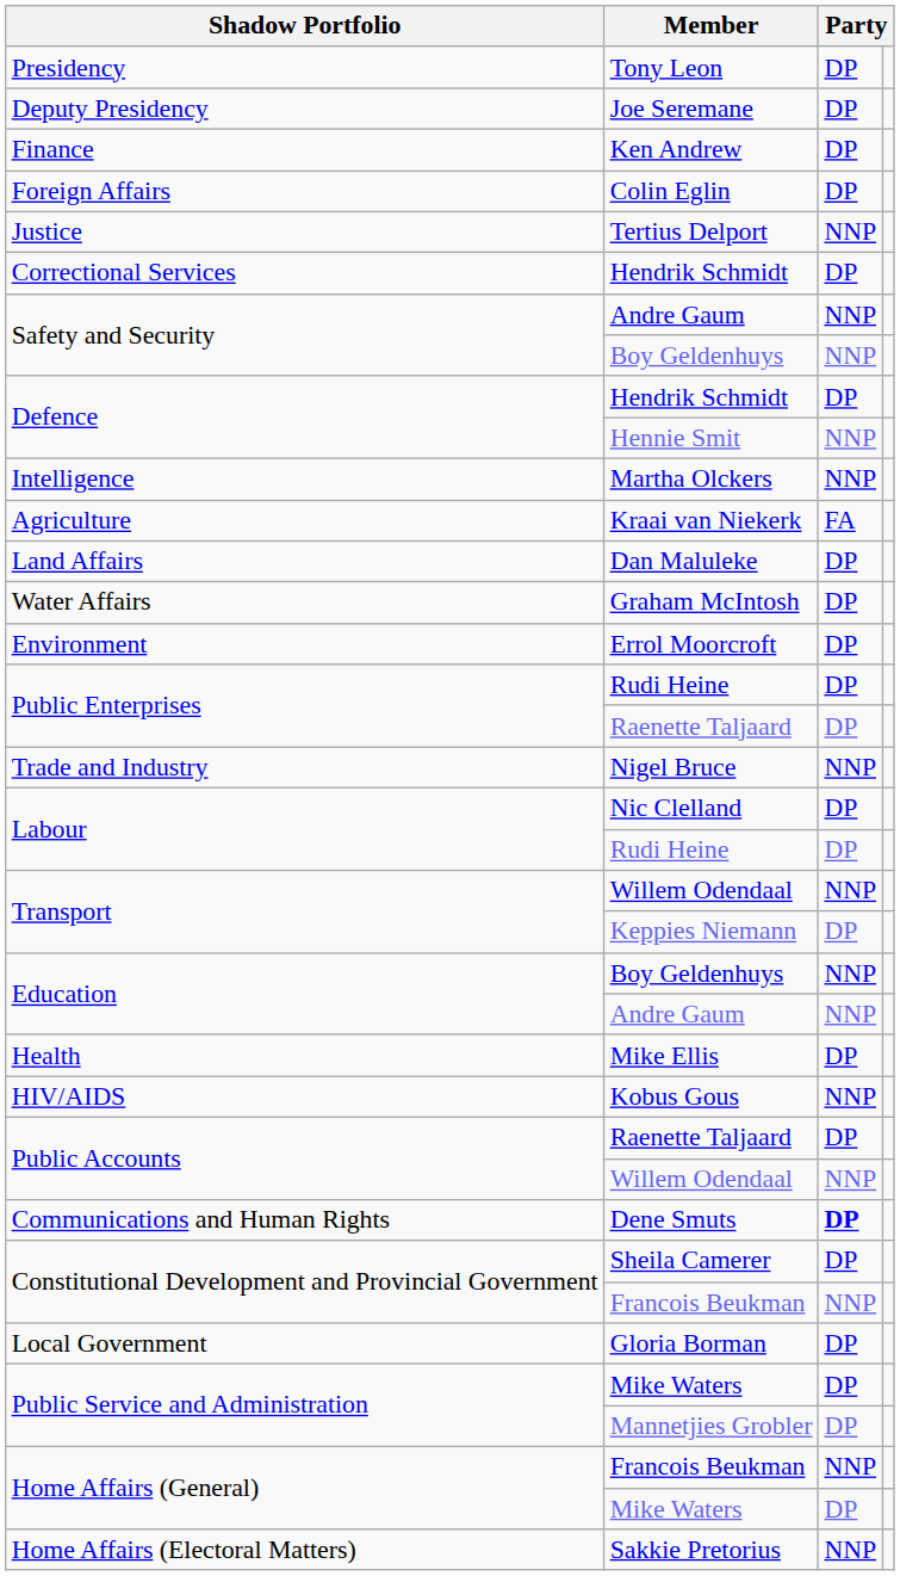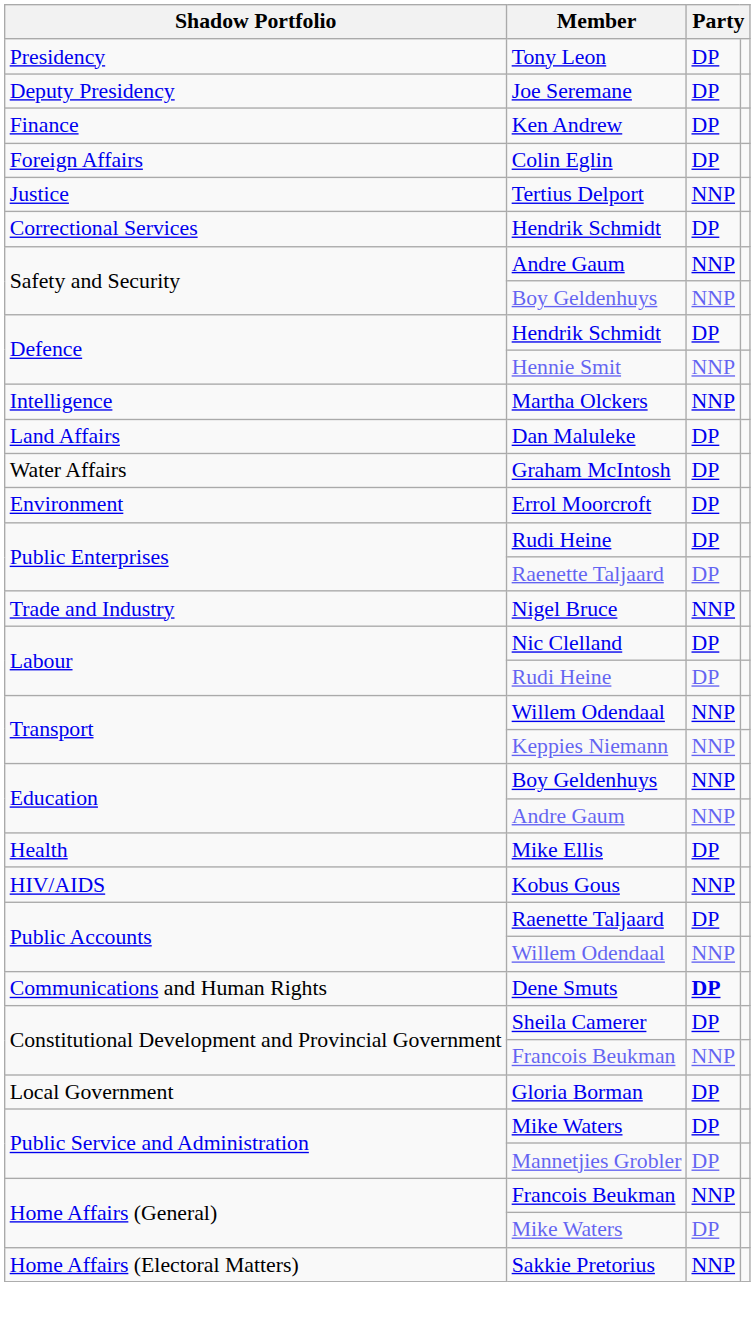 <table class="wikitable">
 <tr>
 <th>Shadow Portfolio</th>
 <th>Member</th>
 <th colspan="2">Party</th>
 </tr>
 <tr>
 <td><a href='#'>Presidency</a></td>
 <td><a href='#'>Tony Leon</a></td>
 <td><a href='#'>DP</a></td>
 <td></td>
 </tr>
 <tr>
 <td><a href='#'>Deputy Presidency</a></td>
 <td><a href='#'>Joe Seremane</a></td>
 <td><a href='#'>DP</a></td>
 <td></td>
 </tr>
 <tr>
 <td><a href='#'>Finance</a></td>
 <td><a href='#'>Ken Andrew</a></td>
 <td><a href='#'>DP</a></td>
 <td></td>
 </tr>
 <tr>
 <td><a href='#'>Foreign Affairs</a></td>
 <td><a href='#'>Colin Eglin</a></td>
 <td><a href='#'>DP</a></td>
 <td></td>
 </tr>
 <tr>
 <td><a href='#'>Justice</a></td>
 <td><a href='#'>Tertius Delport</a></td>
 <td><a href='#'>NNP</a></td>
 <td></td>
 </tr>
 <tr>
 <td><a href='#'>Correctional Services</a></td>
 <td><a href='#'>Hendrik Schmidt</a></td>
 <td><a href='#'>DP</a></td>
 <td></td>
 </tr>
 <tr>
 <td rowspan="2">Safety and Security</td>
 <td><a href='#'>Andre Gaum</a></td>
 <td><a href='#'>NNP</a></td>
 <td></td>
 </tr>
 <tr style="opacity:.6;">
 <td><a href='#'>Boy Geldenhuys</a></td>
 <td><a href='#'>NNP</a></td>
 <td></td>
 </tr>
 <tr>
 <td rowspan="2"><a href='#'>Defence</a></td>
 <td><a href='#'>Hendrik Schmidt</a></td>
 <td><a href='#'>DP</a></td>
 <td></td>
 </tr>
 <tr style="opacity:.6;">
 <td><a href='#'>Hennie Smit</a></td>
 <td><a href='#'>NNP</a></td>
 <td></td>
 </tr>
 <tr>
 <td><a href='#'>Intelligence</a></td>
 <td><a href='#'>Martha Olckers</a></td>
 <td><a href='#'>NNP</a></td>
 <td></td>
 </tr>
 <tr>
-<td><a href='#'>Agriculture</a></td>
-<td><a href='#'>Kraai van Niekerk</a></td>
-<td><a href='#'>FA</a></td>
-<td></td>
-</tr>
-<tr>
 <td><a href='#'>Land Affairs</a></td>
 <td><a href='#'>Dan Maluleke</a></td>
 <td><a href='#'>DP</a></td>
 <td></td>
 </tr>
 <tr>
 <td>Water Affairs</td>
 <td><a href='#'>Graham McIntosh</a></td>
 <td><a href='#'>DP</a></td>
 <td></td>
 </tr>
 <tr>
 <td><a href='#'>Environment</a></td>
 <td><a href='#'>Errol Moorcroft</a></td>
 <td><a href='#'>DP</a></td>
 <td></td>
 </tr>
 <tr>
 <td rowspan="2"><a href='#'>Public Enterprises</a></td>
 <td><a href='#'>Rudi Heine</a></td>
 <td><a href='#'>DP</a></td>
 <td></td>
 </tr>
 <tr style="opacity:.6;">
 <td><a href='#'>Raenette Taljaard</a></td>
 <td><a href='#'>DP</a></td>
 <td></td>
 </tr>
 <tr>
 <td><a href='#'>Trade and Industry</a></td>
 <td><a href='#'>Nigel Bruce</a></td>
 <td><a href='#'>NNP</a></td>
 <td></td>
 </tr>
 <tr>
 <td rowspan="2"><a href='#'>Labour</a></td>
 <td><a href='#'>Nic Clelland</a></td>
 <td><a href='#'>DP</a></td>
 <td></td>
 </tr>
 <tr style="opacity:.6;">
 <td><a href='#'>Rudi Heine</a></td>
 <td><a href='#'>DP</a></td>
 <td></td>
 </tr>
 <tr>
 <td rowspan="2"><a href='#'>Transport</a></td>
 <td><a href='#'>Willem Odendaal</a></td>
 <td><a href='#'>NNP</a></td>
 <td></td>
 </tr>
 <tr style="opacity:.6;">
 <td><a href='#'>Keppies Niemann</a></td>
-<td><a href='#'>DP</a></td>
+<td><a href='#'>NNP</a></td>
 <td></td>
 </tr>
 <tr>
 <td rowspan="2"><a href='#'>Education</a></td>
 <td><a href='#'>Boy Geldenhuys</a></td>
 <td><a href='#'>NNP</a></td>
 <td></td>
 </tr>
 <tr style="opacity:.6;">
 <td><a href='#'>Andre Gaum</a></td>
 <td><a href='#'>NNP</a></td>
 <td></td>
 </tr>
 <tr>
 <td><a href='#'>Health</a></td>
 <td><a href='#'>Mike Ellis</a></td>
 <td><a href='#'>DP</a></td>
 <td></td>
 </tr>
 <tr>
 <td><a href='#'>HIV/AIDS</a></td>
 <td><a href='#'>Kobus Gous</a></td>
 <td><a href='#'>NNP</a></td>
 <td></td>
 </tr>
 <tr>
 <td rowspan="2"><a href='#'>Public Accounts</a></td>
 <td><a href='#'>Raenette Taljaard</a></td>
 <td><a href='#'>DP</a></td>
 <td></td>
 </tr>
 <tr style="opacity:.6;">
 <td><a href='#'>Willem Odendaal</a></td>
 <td><a href='#'>NNP</a></td>
 <td></td>
 </tr>
 <tr>
 <td><a href='#'>Communications</a> and Human Rights</td>
 <td><a href='#'>Dene Smuts</a></td>
 <td><strong><a href='#'>DP</a></strong></td>
 <td></td>
 </tr>
 <tr>
 <td rowspan="2">Constitutional Development and Provincial Government</td>
 <td><a href='#'>Sheila Camerer</a></td>
 <td><a href='#'>DP</a></td>
 <td></td>
 </tr>
 <tr style="opacity:.6;">
 <td><a href='#'>Francois Beukman</a></td>
 <td><a href='#'>NNP</a></td>
 <td></td>
 </tr>
 <tr>
 <td>Local Government</td>
 <td><a href='#'>Gloria Borman</a></td>
 <td><a href='#'>DP</a></td>
 <td></td>
 </tr>
 <tr>
 <td rowspan="2"><a href='#'>Public Service and Administration</a></td>
 <td><a href='#'>Mike Waters</a></td>
 <td><a href='#'>DP</a></td>
 <td></td>
 </tr>
 <tr style="opacity:.6;">
 <td><a href='#'>Mannetjies Grobler</a></td>
 <td><a href='#'>DP</a></td>
 <td></td>
 </tr>
 <tr>
 <td rowspan="2"><a href='#'>Home Affairs</a> (General)</td>
 <td><a href='#'>Francois Beukman</a></td>
 <td><a href='#'>NNP</a></td>
 <td></td>
 </tr>
 <tr style="opacity:.6;">
 <td><a href='#'>Mike Waters</a></td>
 <td><a href='#'>DP</a></td>
 <td></td>
 </tr>
 <tr>
 <td><a href='#'>Home Affairs</a> (Electoral Matters)</td>
 <td><a href='#'>Sakkie Pretorius</a></td>
 <td><a href='#'>NNP</a></td>
 <td></td>
 </tr>
 </table>
